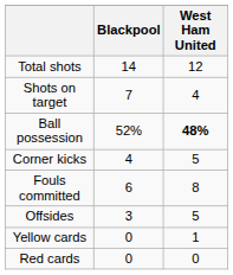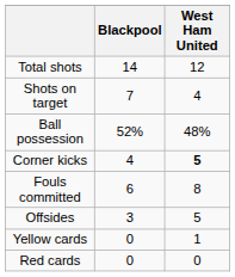 <table class="wikitable" style="text-align:center">
 <tr>
 </tr>
 <tr>
 <th width=100></th>
 <th width=70>Blackpool</th>
 <th width=70>West Ham United</th>
 </tr>
 <tr>
 <td>Total shots</td>
 <td>14</td>
 <td>12</td>
 </tr>
 <tr>
 <td>Shots on target</td>
 <td>7</td>
 <td>4</td>
 </tr>
 <tr>
 <td>Ball possession</td>
 <td>52%</td>
-<td><strong>48%</strong></td>
+<td>48%</td>
 </tr>
 <tr>
 <td>Corner kicks</td>
 <td>4</td>
-<td>5</td>
+<td><strong>5</strong></td>
 </tr>
 <tr>
 <td>Fouls committed</td>
 <td>6</td>
 <td>8</td>
 </tr>
 <tr>
 <td>Offsides</td>
 <td>3</td>
 <td>5</td>
 </tr>
 <tr>
 <td>Yellow cards</td>
 <td>0</td>
 <td>1</td>
 </tr>
 <tr>
 <td>Red cards</td>
 <td>0</td>
 <td>0</td>
 </tr>
 </table>
